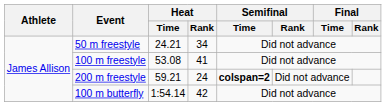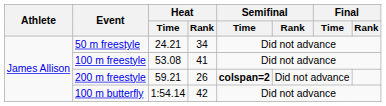 <table class=wikitable style=font-size:90%>
 <tr>
 <th rowspan=2>Athlete</th>
 <th rowspan=2>Event</th>
 <th colspan=2>Heat</th>
 <th colspan=2>Semifinal</th>
 <th colspan=2>Final</th>
 </tr>
 <tr style=font-size:95%>
 <th>Time</th>
 <th>Rank</th>
 <th>Time</th>
 <th>Rank</th>
 <th>Time</th>
 <th>Rank</th>
 </tr>
 <tr align=center>
 <td align=left rowspan=4><a href='#'>James Allison</a></td>
 <td align=left rowspan="1"><a href='#'>50 m freestyle</a></td>
 <td>24.21</td>
 <td>34</td>
 <td colspan=4>Did not advance</td>
 </tr>
 <tr align=center>
 <td align=left rowspan="1"><a href='#'>100 m freestyle</a></td>
 <td>53.08</td>
 <td>41</td>
 <td colspan=4>Did not advance</td>
 </tr>
 <tr align=center>
 <td align=left rowspan="1"><a href='#'>200 m freestyle</a></td>
 <td>59.21</td>
-<td>24</td>
+<td>26</td>
 <td><strong>colspan=2 </strong></td>
 <td colspan=2>Did not advance</td>
 </tr>
 <tr align=center>
 <td align=left rowspan="1"><a href='#'>100 m butterfly</a></td>
 <td>1:54.14</td>
 <td>42</td>
 <td colspan=4>Did not advance</td>
 </tr>
 </table>
